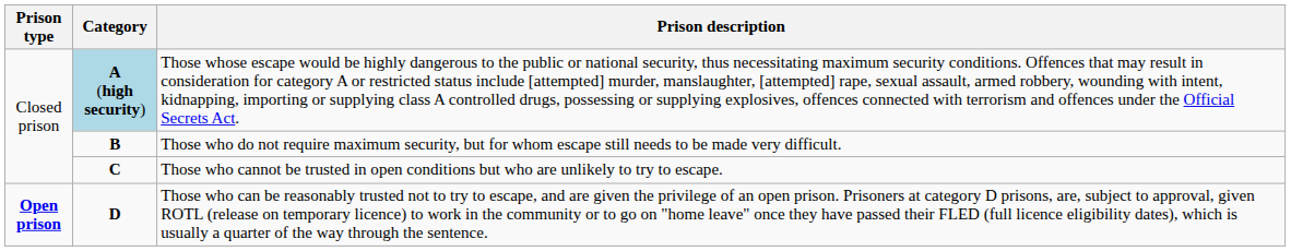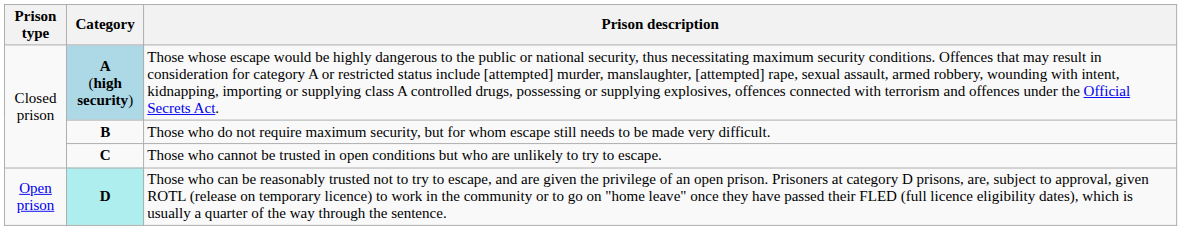 <table class="wikitable">
 <tr>
 <th>Prison type</th>
 <th>Category</th>
 <th>Prison description</th>
 </tr>
 <tr valign="top">
 <td rowspan=3 align="center" valign="middle">Closed prison</td>
 <td align=center valign="middle" style="background: lightblue;"><strong>A</strong><br>(<strong>high security</strong>)</td>
 <td>Those whose escape would be highly dangerous to the public or national security, thus necessitating maximum security conditions. Offences that may result in consideration for category A or restricted status include [attempted] murder, manslaughter, [attempted] rape, sexual assault, armed robbery, wounding with intent, kidnapping, importing or supplying class A controlled drugs, possessing or supplying explosives, offences connected with terrorism and offences under the <a href='#'>Official Secrets Act</a>.</td>
 </tr>
 <tr valign="top">
 <td align=center valign="middle"><strong>B</strong></td>
 <td>Those who do not require maximum security, but for whom escape still needs to be made very difficult.</td>
 </tr>
 <tr valign="top">
 <td align=center valign="middle"><strong>C</strong></td>
 <td>Those who cannot be trusted in open conditions but who are unlikely to try to escape.</td>
 </tr>
 <tr valign="top">
-<td align="center" valign="middle"><strong><a href='#'>Open prison</a></strong></td>
-<td align=center valign="middle"><strong>D</strong></td>
+<td align="center" valign="middle"><a href='#'>Open prison</a></td>
+<td align=center valign="middle" style="background: paleturquoise;"><strong>D</strong></td>
 <td>Those who can be reasonably trusted not to try to escape, and are given the privilege of an open prison. Prisoners at category D prisons, are, subject to approval, given ROTL (release on temporary licence) to work in the community or to go on "home leave" once they have passed their FLED (full licence eligibility dates), which is usually a quarter of the way through the sentence.</td>
 </tr>
 </table>
